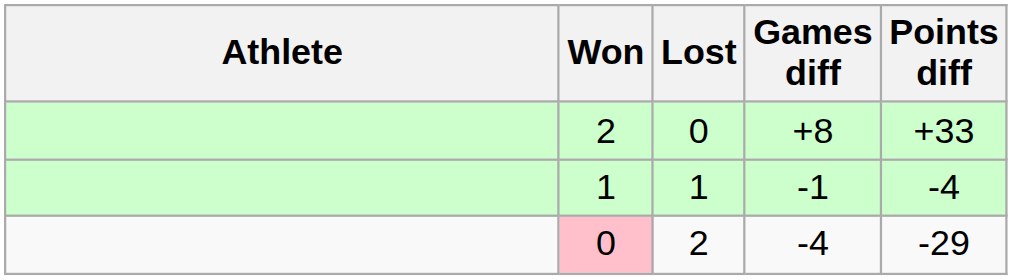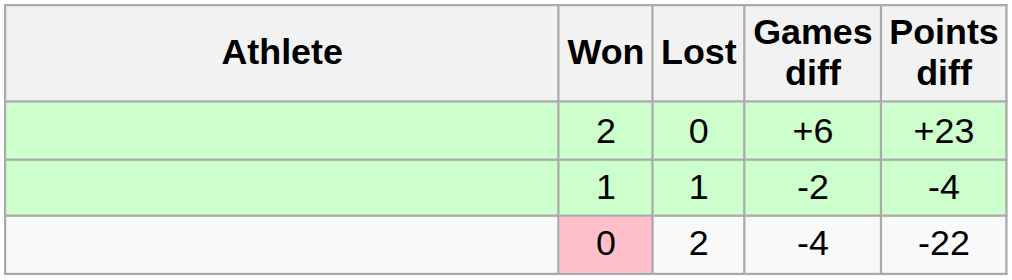 <table class="wikitable">
 <tr>
 <th style="width:15em">Athlete</th>
 <th>Won</th>
 <th>Lost</th>
 <th>Games<br>diff</th>
 <th>Points<br>diff</th>
 </tr>
 <tr bgcolor="#ccffcc">
 <td></td>
 <td align="center">2</td>
 <td align="center">0</td>
-<td align="center">+8</td>
-<td align="center">+33</td>
+<td align="center">+6</td>
+<td align="center">+23</td>
 </tr>
 <tr bgcolor="#ccffcc">
 <td></td>
 <td align="center">1</td>
 <td align="center">1</td>
-<td align="center">-1</td>
+<td align="center">-2</td>
 <td align="center">-4</td>
 </tr>
 <tr>
 <td></td>
 <td align="center" style="background: pink;">0</td>
 <td align="center">2</td>
 <td align="center">-4</td>
-<td align="center">-29</td>
+<td align="center">-22</td>
 </tr>
 </table>
